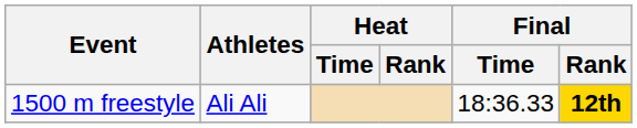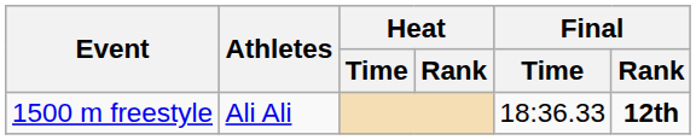 <table class="wikitable" style="font-size:90%;">
 <tr>
 <th rowspan=2>Event</th>
 <th rowspan=2>Athletes</th>
 <th colspan=2>Heat</th>
 <th colspan=2>Final</th>
 </tr>
 <tr>
 <th>Time</th>
 <th>Rank</th>
 <th>Time</th>
 <th>Rank</th>
 </tr>
 <tr>
 <td><a href='#'>1500 m freestyle</a></td>
 <td><a href='#'>Ali Ali</a></td>
 <td colspan="2" style="background:wheat;"></td>
 <td align=center>18:36.33</td>
-<td align=center style="background: gold;"><strong>12th</strong></td>
+<td align=center><strong>12th</strong></td>
 </tr>
 </table>
